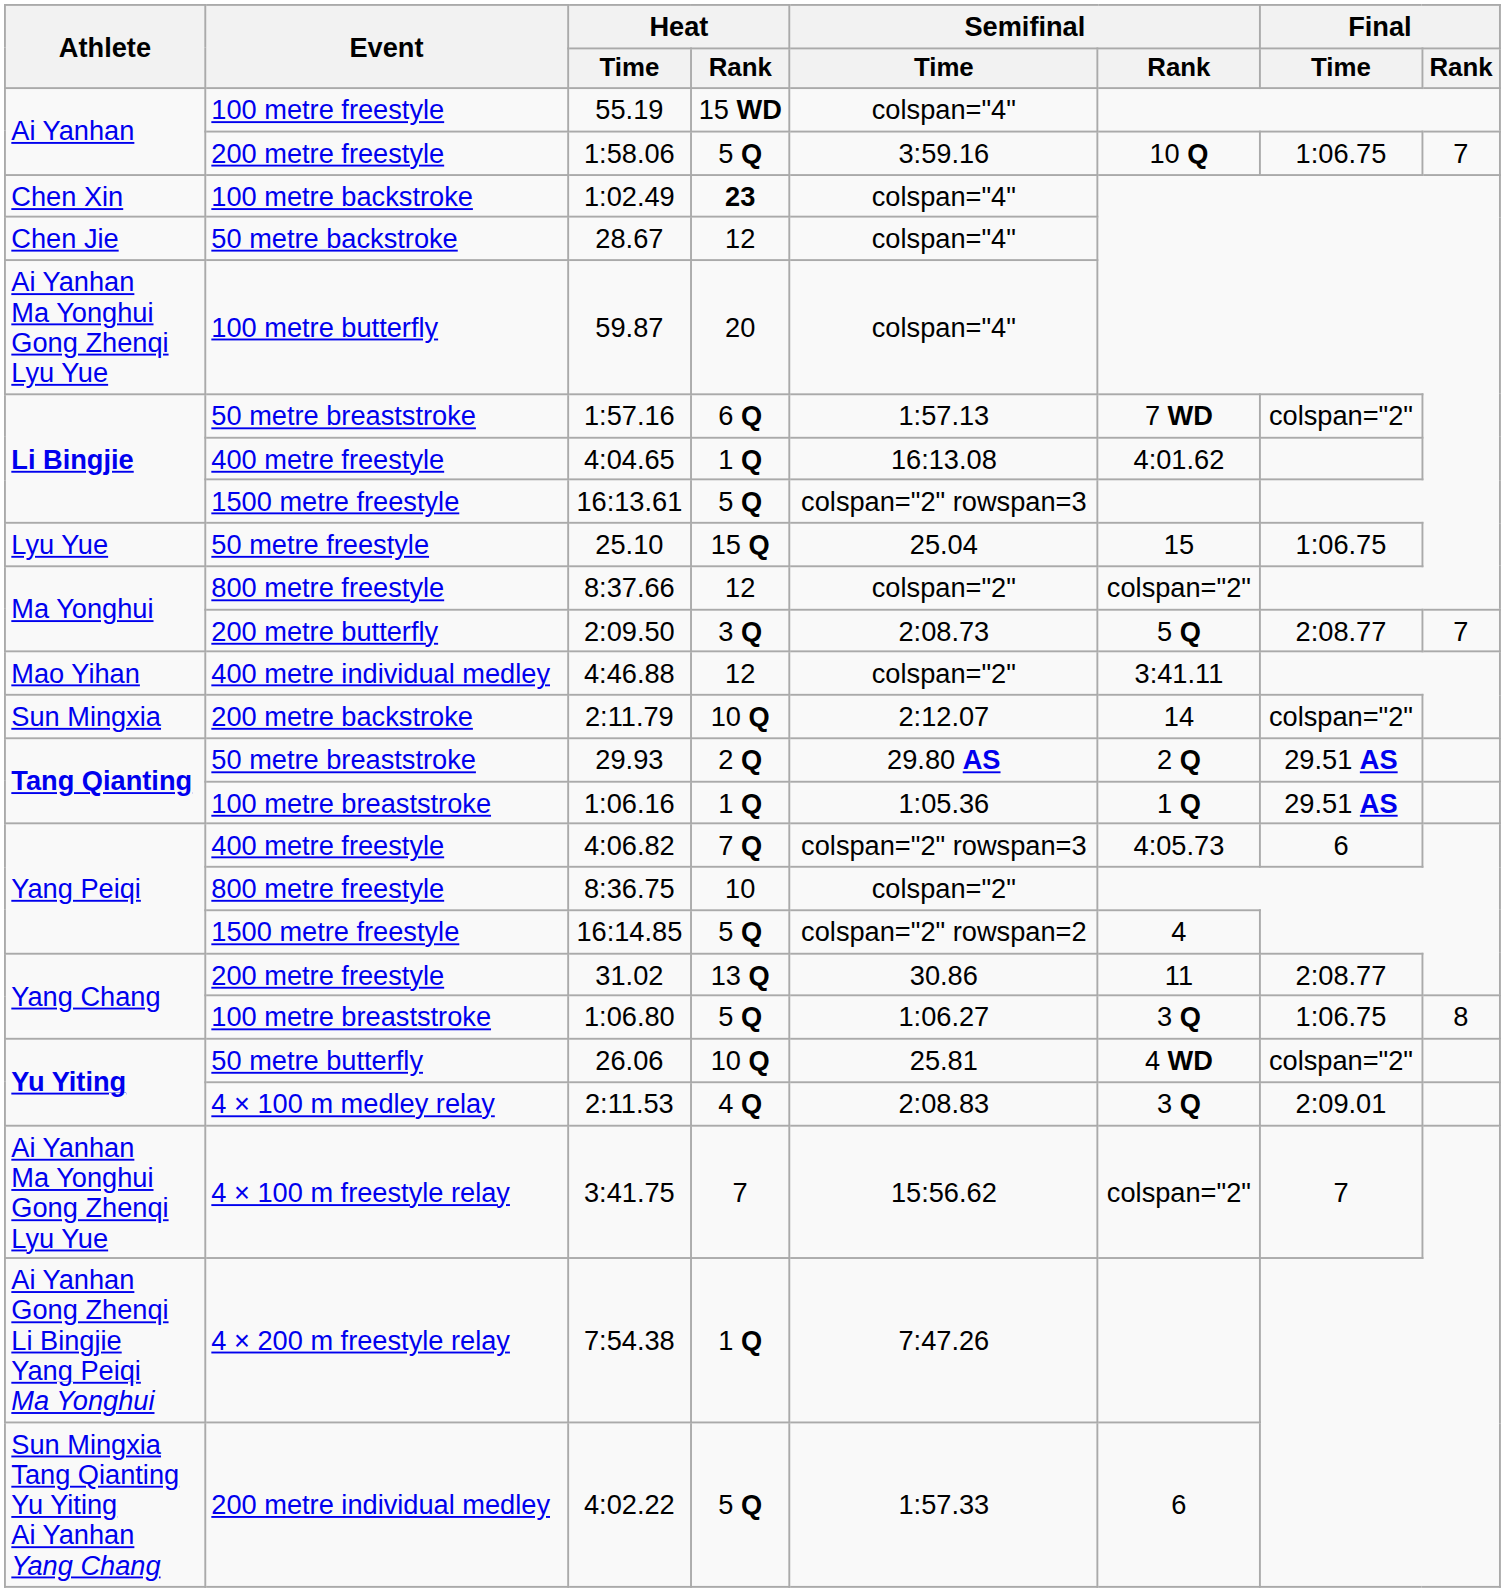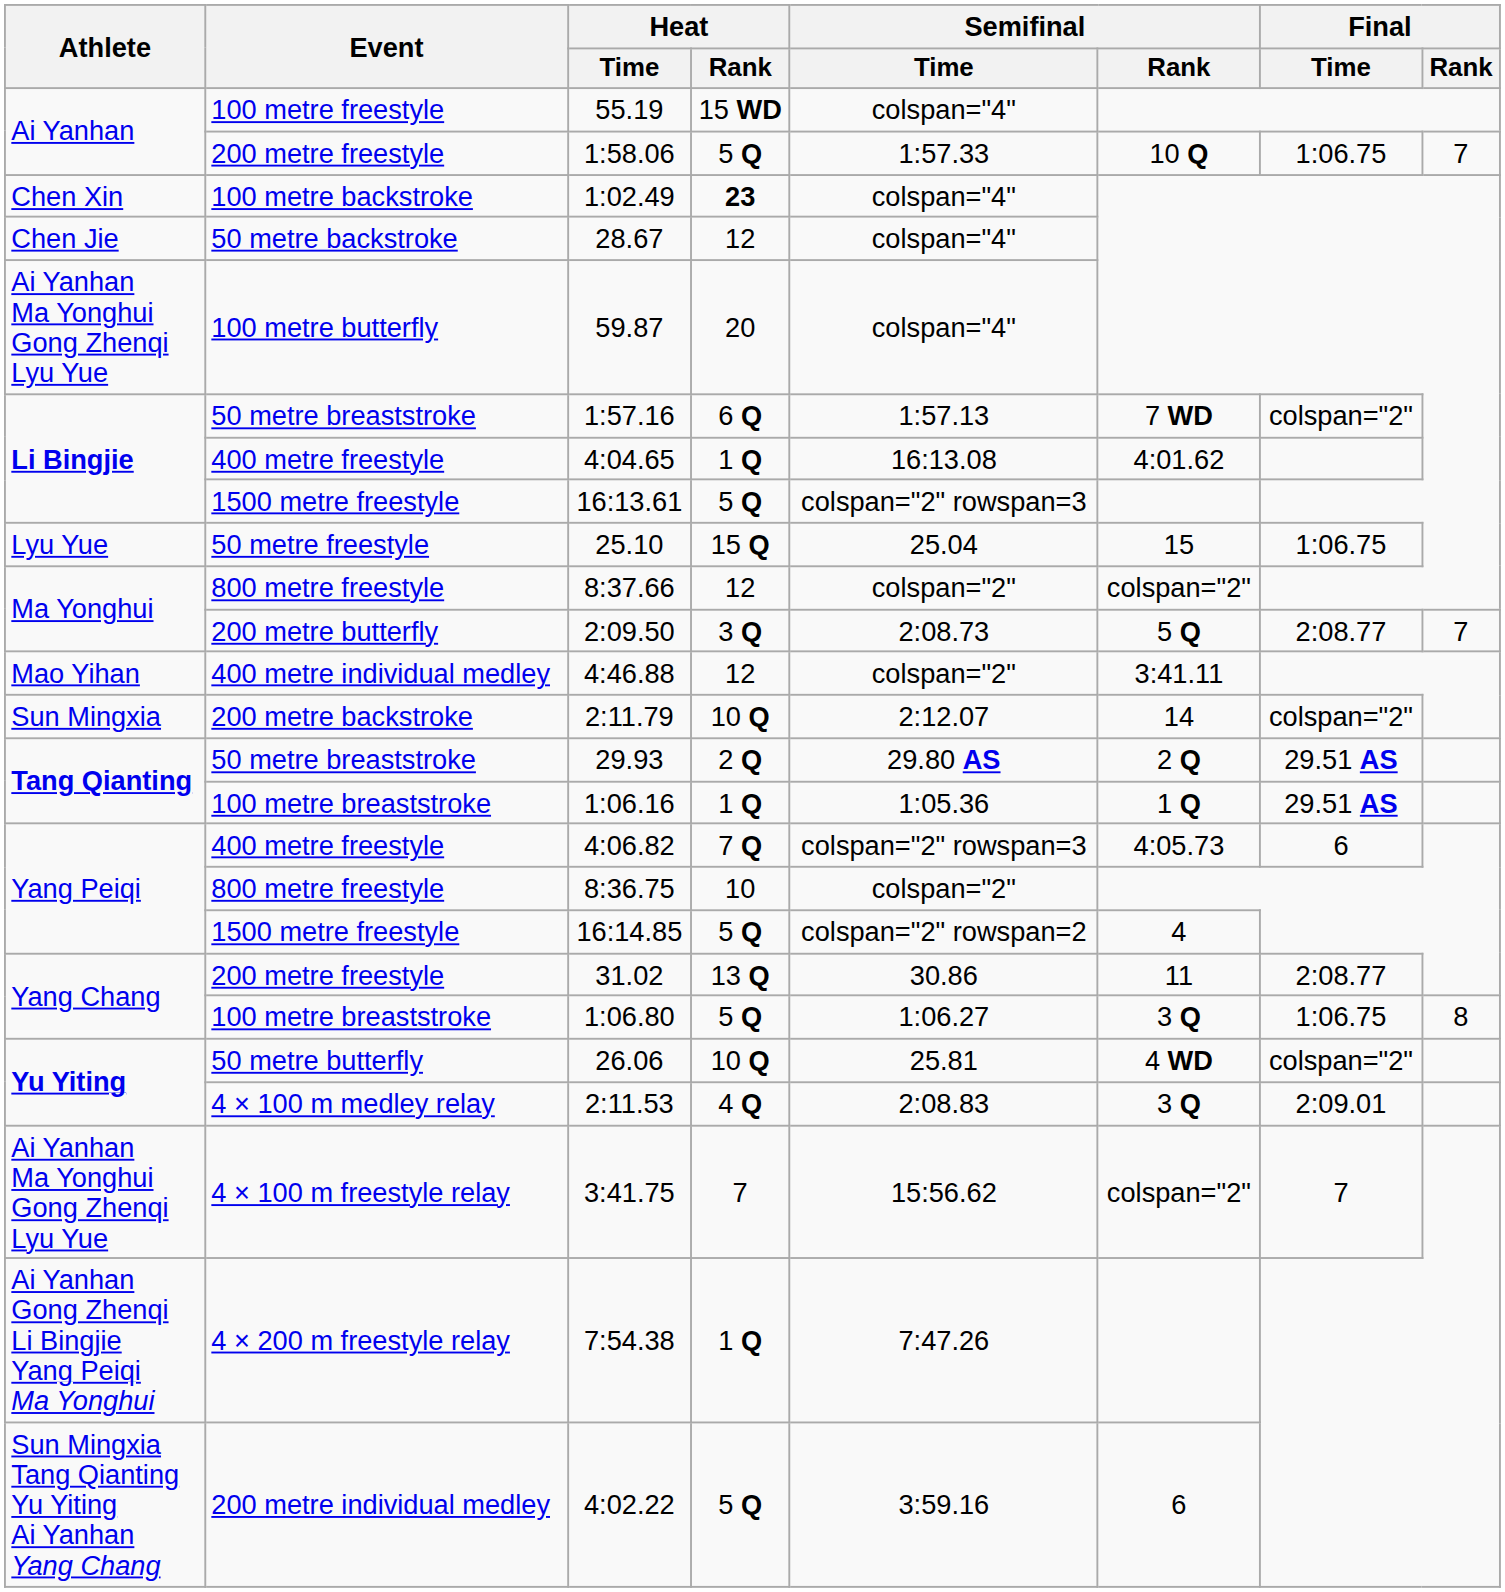 <table class="wikitable" style="text-align:center; font-size:90%; width:50%;">
 <tr>
 <th rowspan="2">Athlete</th>
 <th rowspan="2">Event</th>
 <th colspan="2">Heat</th>
 <th colspan="2">Semifinal</th>
 <th colspan="2">Final</th>
 </tr>
 <tr style="font-size:95%">
 <th>Time</th>
 <th>Rank</th>
 <th>Time</th>
 <th>Rank</th>
 <th>Time</th>
 <th>Rank</th>
 </tr>
 <tr align=center>
 <td align=left rowspan="2"><a href='#'>Ai Yanhan</a></td>
 <td align=left><a href='#'>100 metre freestyle</a></td>
 <td>55.19</td>
 <td>15 <strong>WD</strong></td>
 <td>colspan="4" </td>
 </tr>
 <tr align=center>
 <td align=left><a href='#'>200 metre freestyle</a></td>
 <td>1:58.06</td>
 <td>5 <strong>Q</strong></td>
-<td>3:59.16</td>
+<td>1:57.33</td>
 <td>10 <strong>Q</strong></td>
 <td>1:06.75</td>
 <td>7</td>
 </tr>
 <tr align=center>
 <td align=left><a href='#'>Chen Xin</a></td>
 <td align=left><a href='#'>100 metre backstroke</a></td>
 <td>1:02.49</td>
 <td><strong>23</strong></td>
 <td>colspan="4" </td>
 </tr>
 <tr align=center>
 <td align=left><a href='#'>Chen Jie</a></td>
 <td align=left><a href='#'>50 metre backstroke</a></td>
 <td>28.67</td>
 <td>12</td>
 <td>colspan="4" </td>
 </tr>
 <tr align=center>
 <td align=left><a href='#'>Ai Yanhan</a> <br><a href='#'>Ma Yonghui</a><br><a href='#'>Gong Zhenqi</a> <br><a href='#'>Lyu Yue</a></td>
 <td align=left><a href='#'>100 metre butterfly</a></td>
 <td>59.87</td>
 <td>20</td>
 <td>colspan="4" </td>
 </tr>
 <tr align=center>
 <td align=left rowspan="3"><strong><a href='#'>Li Bingjie</a></strong></td>
 <td align=left><a href='#'>50 metre breaststroke</a></td>
 <td>1:57.16</td>
 <td>6 <strong>Q</strong></td>
 <td>1:57.13</td>
 <td>7 <strong>WD</strong></td>
 <td>colspan="2" </td>
 </tr>
 <tr align=center>
 <td align=left><a href='#'>400 metre freestyle</a></td>
 <td>4:04.65</td>
 <td>1 <strong>Q</strong></td>
 <td>16:13.08</td>
 <td>4:01.62</td>
 <td></td>
 </tr>
 <tr align=center>
 <td align=left><a href='#'>1500 metre freestyle</a></td>
 <td>16:13.61</td>
 <td>5 <strong>Q</strong></td>
 <td>colspan="2" rowspan=3 </td>
 <td></td>
 </tr>
 <tr align=center>
 <td align=left><a href='#'>Lyu Yue</a></td>
 <td align=left><a href='#'>50 metre freestyle</a></td>
 <td>25.10</td>
 <td>15 <strong>Q</strong></td>
 <td>25.04</td>
 <td>15</td>
 <td>1:06.75</td>
 </tr>
 <tr align=center>
 <td align=left rowspan="2"><a href='#'>Ma Yonghui</a></td>
 <td align=left><a href='#'>800 metre freestyle</a></td>
 <td>8:37.66</td>
 <td>12</td>
 <td>colspan="2" </td>
 <td>colspan="2" </td>
 </tr>
 <tr align=center>
 <td align=left><a href='#'>200 metre butterfly</a></td>
 <td>2:09.50</td>
 <td>3 <strong>Q</strong></td>
 <td>2:08.73</td>
 <td>5 <strong>Q</strong></td>
 <td>2:08.77</td>
 <td>7</td>
 </tr>
 <tr align=center>
 <td align=left><a href='#'>Mao Yihan</a></td>
 <td align=left><a href='#'>400 metre individual medley</a></td>
 <td>4:46.88</td>
 <td>12</td>
 <td>colspan="2" </td>
 <td>3:41.11</td>
 </tr>
 <tr align=center>
 <td align=left><a href='#'>Sun Mingxia</a></td>
 <td align=left><a href='#'>200 metre backstroke</a></td>
 <td>2:11.79</td>
 <td>10 <strong>Q</strong></td>
 <td>2:12.07</td>
 <td>14</td>
 <td>colspan="2" </td>
 </tr>
 <tr align=center>
 <td align=left rowspan="2"><strong><a href='#'>Tang Qianting</a></strong></td>
 <td align=left><a href='#'>50 metre breaststroke</a></td>
 <td>29.93</td>
 <td>2 <strong>Q</strong></td>
 <td>29.80 <strong><a href='#'>AS</a></strong></td>
 <td>2 <strong>Q</strong></td>
 <td>29.51 <strong><a href='#'>AS</a></strong></td>
 <td></td>
 </tr>
 <tr align=center>
 <td align=left><a href='#'>100 metre breaststroke</a></td>
 <td>1:06.16</td>
 <td>1 <strong>Q</strong></td>
 <td>1:05.36</td>
 <td>1 <strong>Q</strong></td>
 <td>29.51 <strong><a href='#'>AS</a></strong></td>
 <td></td>
 </tr>
 <tr align=center>
 <td align=left rowspan="3"><a href='#'>Yang Peiqi</a></td>
 <td align=left><a href='#'>400 metre freestyle</a></td>
 <td>4:06.82</td>
 <td>7 <strong>Q</strong></td>
 <td>colspan="2" rowspan=3 </td>
 <td>4:05.73</td>
 <td>6</td>
 </tr>
 <tr align=center>
 <td align=left><a href='#'>800 metre freestyle</a></td>
 <td>8:36.75</td>
 <td>10</td>
 <td>colspan="2" </td>
 </tr>
 <tr align=center>
 <td align=left><a href='#'>1500 metre freestyle</a></td>
 <td>16:14.85</td>
 <td>5 <strong>Q</strong></td>
 <td>colspan="2" rowspan=2 </td>
 <td>4</td>
 </tr>
 <tr align=center>
 <td align=left rowspan="2"><a href='#'>Yang Chang</a></td>
 <td align=left><a href='#'>200 metre freestyle</a></td>
 <td>31.02</td>
 <td>13 <strong>Q</strong></td>
 <td>30.86</td>
 <td>11</td>
 <td>2:08.77</td>
 </tr>
 <tr align=center>
 <td align=left><a href='#'>100 metre breaststroke</a></td>
 <td>1:06.80</td>
 <td>5 <strong>Q</strong></td>
 <td>1:06.27</td>
 <td>3 <strong>Q</strong></td>
 <td>1:06.75</td>
 <td>8</td>
 </tr>
 <tr align=center>
 <td align=left rowspan="2"><strong><a href='#'>Yu Yiting</a></strong></td>
 <td align=left><a href='#'>50 metre butterfly</a></td>
 <td>26.06</td>
 <td>10 <strong>Q</strong></td>
 <td>25.81</td>
 <td>4 <strong>WD</strong></td>
 <td>colspan="2" </td>
 </tr>
 <tr align=center>
 <td align=left><a href='#'>4 × 100 m medley relay</a></td>
 <td>2:11.53</td>
 <td>4 <strong>Q</strong></td>
 <td>2:08.83</td>
 <td>3 <strong>Q</strong></td>
 <td>2:09.01</td>
 <td></td>
 </tr>
 <tr>
 <td align=left><a href='#'>Ai Yanhan</a> <br><a href='#'>Ma Yonghui</a><br><a href='#'>Gong Zhenqi</a> <br><a href='#'>Lyu Yue</a></td>
 <td align=left><a href='#'>4 × 100 m freestyle relay</a></td>
 <td>3:41.75</td>
 <td>7</td>
 <td>15:56.62</td>
 <td>colspan="2" </td>
 <td>7</td>
 </tr>
 <tr>
 <td align=left><a href='#'>Ai Yanhan</a><br><a href='#'>Gong Zhenqi</a><br><a href='#'>Li Bingjie</a><br><a href='#'>Yang Peiqi</a><br><em><a href='#'>Ma Yonghui</a></em></td>
 <td align=left><a href='#'>4 × 200 m freestyle relay</a></td>
 <td>7:54.38</td>
 <td>1 <strong>Q</strong></td>
 <td>7:47.26</td>
 <td></td>
 </tr>
 <tr>
 <td align=left><a href='#'>Sun Mingxia</a> <br><a href='#'>Tang Qianting</a> <br><a href='#'>Yu Yiting</a> <br><a href='#'>Ai Yanhan</a><br><em><a href='#'>Yang Chang</a></em></td>
 <td align=left><a href='#'>200 metre individual medley</a></td>
 <td>4:02.22</td>
 <td>5 <strong>Q</strong></td>
-<td>1:57.33</td>
+<td>3:59.16</td>
 <td>6</td>
 </tr>
 </table>
